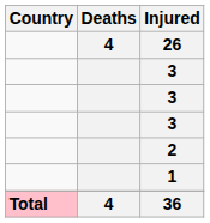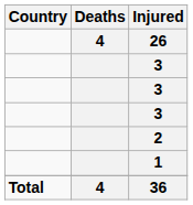 <table class="wikitable centre sortable">
 <tr>
 <th>Country</th>
 <th>Deaths</th>
 <th>Injured</th>
 </tr>
 <tr>
 <td></td>
 <th>4</th>
 <th>26</th>
 </tr>
 <tr>
 <td></td>
 <th></th>
 <th>3</th>
 </tr>
 <tr>
 <td></td>
 <th></th>
 <th>3</th>
 </tr>
 <tr>
 <td></td>
 <th></th>
 <th>3</th>
 </tr>
 <tr>
 <td></td>
 <th></th>
 <th>2</th>
 </tr>
 <tr>
 <td></td>
 <th></th>
 <th>1</th>
 </tr>
 <tr>
 </tr>
 <tr class="sortbottom">
-<td style="background: pink;"><strong>Total</strong></td>
+<td><strong>Total</strong></td>
 <th>4</th>
 <th>36</th>
 </tr>
 </table>
